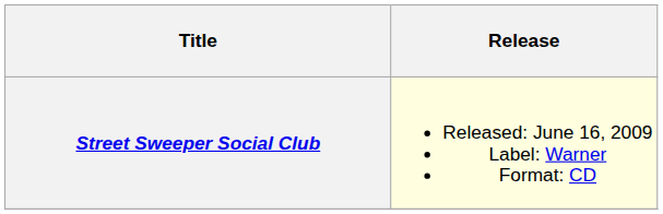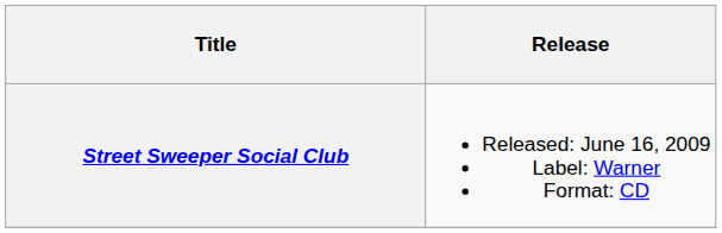 <table class="wikitable plainrowheaders" style="text-align:center;">
 <tr>
 <th scope="col" rowspan="1" style="width:20em;"><br>Title<br><br></th>
 <th scope="col" rowspan="1">Release</th>
 </tr>
 <tr>
 <th scope="row"><em><a href='#'>Street Sweeper Social Club</a></em></th>
-<td style="background: lightyellow;"><br><ul><li>Released: June 16, 2009</li><li>Label: <a href='#'>Warner</a></li><li>Format: <a href='#'>CD</a></li></ul></td>
+<td><br><ul><li>Released: June 16, 2009</li><li>Label: <a href='#'>Warner</a></li><li>Format: <a href='#'>CD</a></li></ul></td>
 </tr>
 <tr>
 </tr>
 </table>
